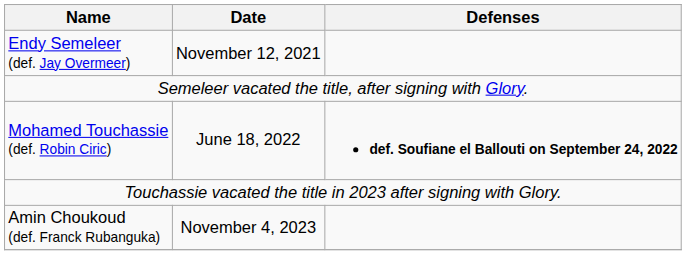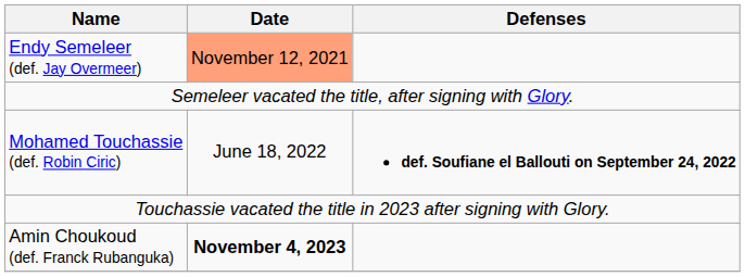 <table class="wikitable">
 <tr>
 <th>Name</th>
 <th>Date</th>
 <th>Defenses</th>
 </tr>
 <tr>
 <td align=left> <a href='#'>Endy Semeleer</a>  <br><small>(def. <a href='#'>Jay Overmeer</a>)</small></td>
-<td align=center>November 12, 2021</td>
+<td align=center style="background: lightsalmon;">November 12, 2021</td>
 <td></td>
 </tr>
 <tr>
 <td colspan=3 align=center><em>Semeleer vacated the title, after signing with <a href='#'>Glory</a>.</em></td>
 </tr>
 <tr>
 <td align=left> <a href='#'>Mohamed Touchassie</a>  <br><small>(def. <a href='#'>Robin Ciric</a>)</small></td>
 <td align=center>June 18, 2022</td>
 <td><strong><br><ul><li><small>def. Soufiane el Ballouti on September 24, 2022 </small></li></ul></strong></td>
 </tr>
 <tr>
 <td colspan=3 align=center><em>Touchassie vacated the title in 2023 after signing with Glory.</em></td>
 </tr>
 <tr>
 <td align=left> Amin Choukoud  <br><small>(def. Franck Rubanguka)</small></td>
-<td align=center>November 4, 2023</td>
+<td align=center><strong>November 4, 2023</strong></td>
 <td></td>
 </tr>
 <tr>
 </tr>
 </table>
